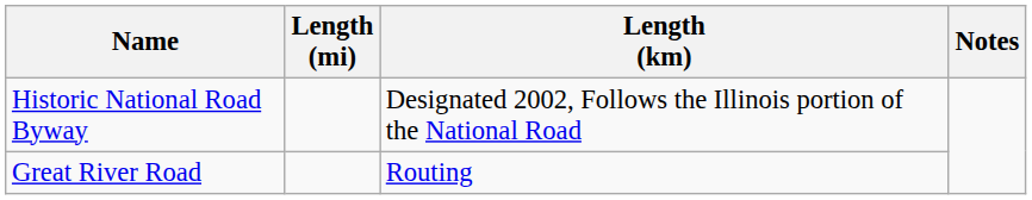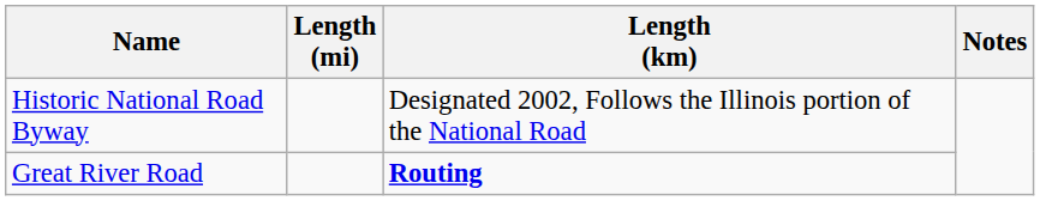 <table class=wikitable>
 <tr>
 <th>Name</th>
 <th>Length<br>(mi)</th>
 <th>Length<br>(km)</th>
 <th>Notes</th>
 </tr>
 <tr>
 <td><a href='#'>Historic National Road Byway</a></td>
 <td></td>
 <td>Designated 2002, Follows the Illinois portion of the <a href='#'>National Road</a></td>
 </tr>
 <tr>
 <td><a href='#'>Great River Road</a></td>
 <td></td>
-<td><a href='#'>Routing</a></td>
+<td><strong><a href='#'>Routing</a></strong></td>
 </tr>
 </table>
